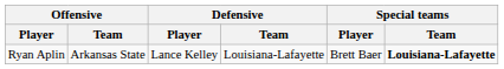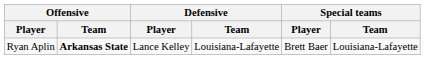 <table class="wikitable">
 <tr>
 <th colspan="2">Offensive</th>
 <th colspan="2">Defensive</th>
 <th colspan="2">Special teams</th>
 </tr>
 <tr>
 <th>Player</th>
 <th>Team</th>
 <th>Player</th>
 <th>Team</th>
 <th>Player</th>
 <th>Team</th>
 </tr>
 <tr>
 <td>Ryan Aplin</td>
-<td>Arkansas State</td>
+<td><strong>Arkansas State</strong></td>
 <td>Lance Kelley</td>
 <td>Louisiana-Lafayette</td>
 <td>Brett Baer</td>
-<td><strong>Louisiana-Lafayette</strong></td>
+<td>Louisiana-Lafayette</td>
 </tr>
 </table>
